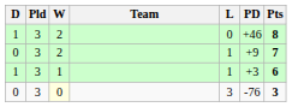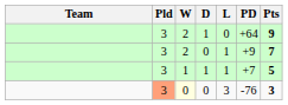 <table class="wikitable" style="text-align:center;">
 <tr>
-<th width="20" abbr="Drawn">D</th>
+<th width="190">Team</th>
 <th width="20" abbr="Played">Pld</th>
 <th width="20" abbr="Won">W</th>
-<th width="190">Team</th>
+<th width="20" abbr="Drawn">D</th>
 <th width="20" abbr="Lost">L</th>
 <th width="25" abbr="Points difference">PD</th>
 <th width="20" abbr="Points">Pts</th>
 </tr>
 <tr style="background:#ccffcc">
-<td>1</td>
+<td align="left"></td>
 <td>3</td>
 <td>2</td>
-<td align="left"></td>
+<td>1</td>
 <td>0</td>
-<td>+46</td>
-<td><strong>8</strong></td>
+<td>+64</td>
+<td><strong>9</strong></td>
 </tr>
 <tr style="background:#ccffcc">
-<td>0</td>
+<td align="left"></td>
 <td>3</td>
 <td>2</td>
-<td align="left"></td>
+<td>0</td>
 <td>1</td>
 <td>+9</td>
 <td><strong>7</strong></td>
 </tr>
 <tr style="background:#ccffcc">
-<td>1</td>
+<td align="left"></td>
 <td>3</td>
 <td>1</td>
-<td align="left"></td>
 <td>1</td>
-<td>+3</td>
-<td><strong>6</strong></td>
+<td>1</td>
+<td>+7</td>
+<td><strong>5</strong></td>
 </tr>
 <tr>
+<td align="left"></td>
+<td style="background: lightsalmon;">3</td>
+<td style="background: lightyellow;">0</td>
 <td>0</td>
-<td>3</td>
-<td style="background: lightyellow;">0</td>
-<td align="left"></td>
 <td>3</td>
 <td>-76</td>
 <td><strong>3</strong></td>
 </tr>
 </table>
